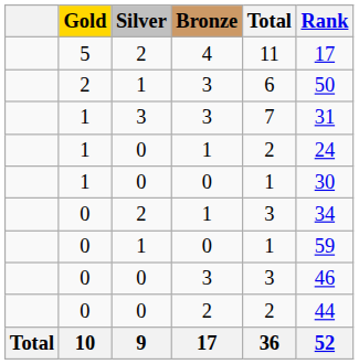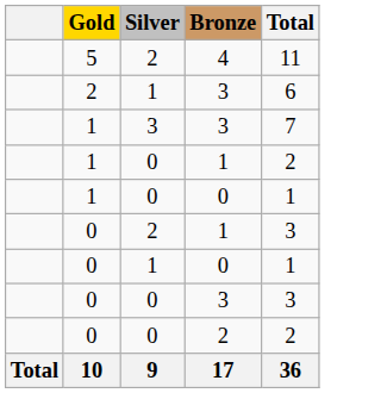 <table class="wikitable sortable plainrowheaders" border="1" style="text-align:center;">
 <tr>
 <th scope="col" style="width:"></th>
 <th scope="col" style="background-color:gold; font-weight:bold;">Gold</th>
 <th scope="col" style="background-color:silver; font-weight:bold;">Silver</th>
 <th scope="col" style="background-color:#cc9966; font-weight:bold;">Bronze</th>
 <th scope="col">Total</th>
-<th scope="col"><a href='#'>Rank</a></th>
 </tr>
 <tr>
 <td align=left></td>
 <td>5</td>
 <td>2</td>
 <td>4</td>
 <td>11</td>
-<td><a href='#'>17</a></td>
 </tr>
 <tr>
 <td align=left></td>
 <td>2</td>
 <td>1</td>
 <td>3</td>
 <td>6</td>
-<td><a href='#'>50</a></td>
 </tr>
 <tr>
 <td align=left></td>
 <td>1</td>
 <td>3</td>
 <td>3</td>
 <td>7</td>
-<td><a href='#'>31</a></td>
 </tr>
 <tr>
 <td align=left></td>
 <td>1</td>
 <td>0</td>
 <td>1</td>
 <td>2</td>
-<td><a href='#'>24</a></td>
 </tr>
 <tr>
 <td align=left></td>
 <td>1</td>
 <td>0</td>
 <td>0</td>
 <td>1</td>
-<td><a href='#'>30</a></td>
 </tr>
 <tr>
 <td align=left></td>
 <td>0</td>
 <td>2</td>
 <td>1</td>
 <td>3</td>
-<td><a href='#'>34</a></td>
 </tr>
 <tr>
 <td align=left></td>
 <td>0</td>
 <td>1</td>
 <td>0</td>
 <td>1</td>
-<td><a href='#'>59</a></td>
 </tr>
 <tr>
 <td align=left></td>
 <td>0</td>
 <td>0</td>
 <td>3</td>
 <td>3</td>
-<td><a href='#'>46</a></td>
 </tr>
 <tr>
 <td align=left></td>
 <td>0</td>
 <td>0</td>
 <td>2</td>
 <td>2</td>
-<td><a href='#'>44</a></td>
 </tr>
 <tr>
 <th>Total</th>
 <th>10</th>
 <th>9</th>
 <th>17</th>
 <th>36</th>
-<th><a href='#'>52</a></th>
 </tr>
 </table>
